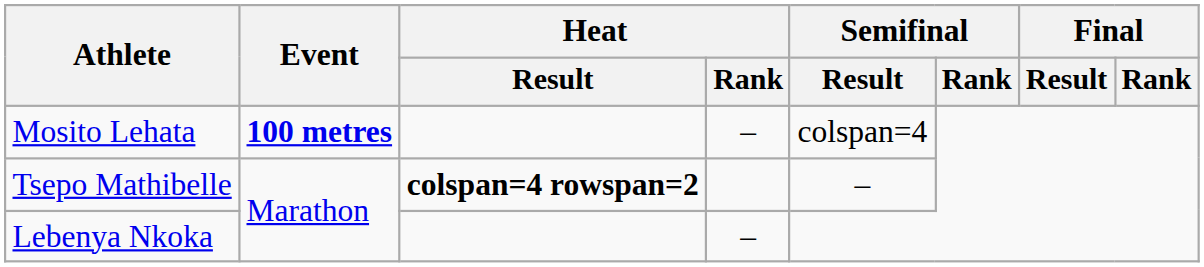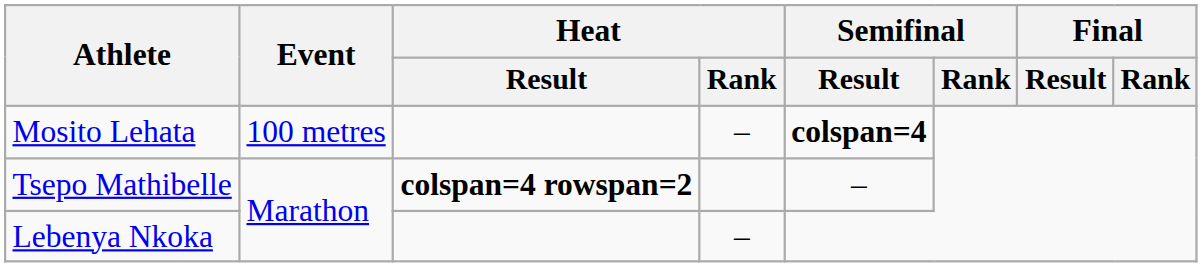 <table class="wikitable" style="font-size:90%">
 <tr>
 <th rowspan="2">Athlete</th>
 <th rowspan="2">Event</th>
 <th colspan="2">Heat</th>
 <th colspan="2">Semifinal</th>
 <th colspan="2">Final</th>
 </tr>
 <tr style="font-size:95%">
 <th>Result</th>
 <th>Rank</th>
 <th>Result</th>
 <th>Rank</th>
 <th>Result</th>
 <th>Rank</th>
 </tr>
 <tr style=text-align:center>
 <td style=text-align:left><a href='#'>Mosito Lehata</a></td>
-<td style=text-align:left><strong><a href='#'>100 metres</a></strong></td>
+<td style=text-align:left><a href='#'>100 metres</a></td>
 <td></td>
 <td>–</td>
-<td>colspan=4 </td>
+<td><strong>colspan=4 </strong></td>
 </tr>
 <tr style=text-align:center>
 <td style=text-align:left><a href='#'>Tsepo Mathibelle</a></td>
 <td style=text-align:left rowspan=2><a href='#'>Marathon</a></td>
 <td><strong>colspan=4 rowspan=2 </strong></td>
 <td></td>
 <td>–</td>
 </tr>
 <tr style=text-align:center>
 <td style=text-align:left><a href='#'>Lebenya Nkoka</a></td>
 <td></td>
 <td>–</td>
 </tr>
 </table>
